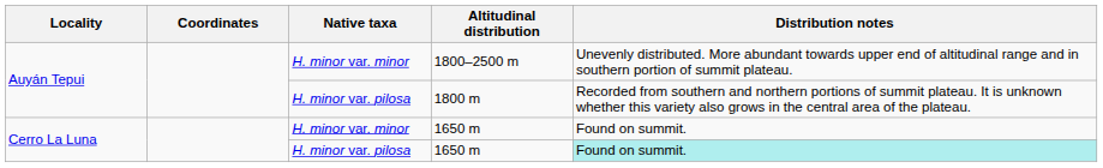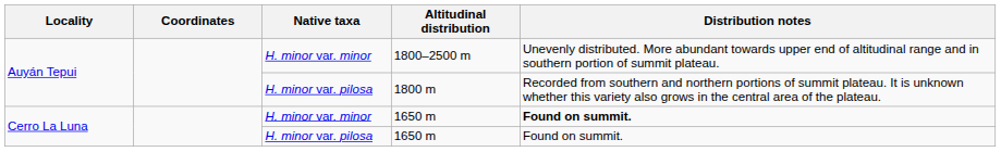 <table class="wikitable" style="width: 100%">
 <tr>
 <th scope="col" width="13%">Locality</th>
 <th scope="col" width="13%">Coordinates</th>
 <th scope="col" width="13%">Native taxa</th>
 <th scope="col" width="13%">Altitudinal distribution</th>
 <th scope="col" width="48%">Distribution notes</th>
 </tr>
 <tr>
 <td rowspan="2"><a href='#'>Auyán Tepui</a></td>
 <td rowspan="2"></td>
 <td><a href='#'><em>H. minor</em> var. <em>minor</em></a></td>
 <td>1800–2500 m</td>
 <td>Unevenly distributed. More abundant towards upper end of altitudinal range and in southern portion of summit plateau.</td>
 </tr>
 <tr>
 <td><a href='#'><em>H. minor</em> var. <em>pilosa</em></a></td>
 <td>1800 m</td>
 <td>Recorded from southern and northern portions of summit plateau. It is unknown whether this variety also grows in the central area of the plateau.</td>
 </tr>
 <tr>
 <td rowspan="2"><a href='#'>Cerro La Luna</a></td>
 <td rowspan="2"></td>
 <td><a href='#'><em>H. minor</em> var. <em>minor</em></a></td>
 <td>1650 m</td>
-<td>Found on summit.</td>
+<td><strong>Found on summit.</strong></td>
 </tr>
 <tr>
 <td><a href='#'><em>H. minor</em> var. <em>pilosa</em></a></td>
 <td>1650 m</td>
-<td style="background: paleturquoise;">Found on summit.</td>
+<td>Found on summit.</td>
 </tr>
 </table>
